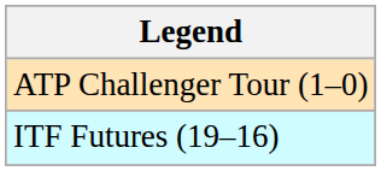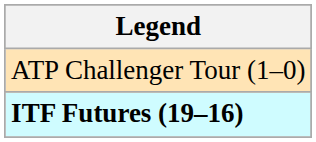 <table class=wikitable style=font-size:97%>
 <tr>
 <th>Legend</th>
 </tr>
 <tr bgcolor=moccasin>
 <td>ATP Challenger Tour (1–0)</td>
 </tr>
 <tr bgcolor=cffcff>
-<td>ITF Futures (19–16)</td>
+<td><strong>ITF Futures (19–16)</strong></td>
 </tr>
 </table>
